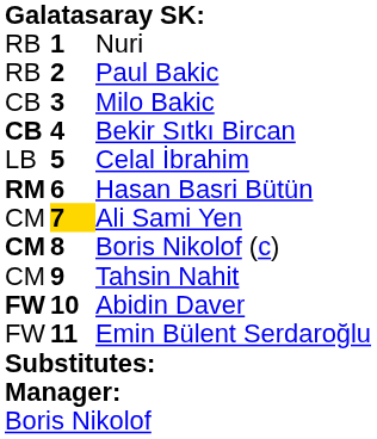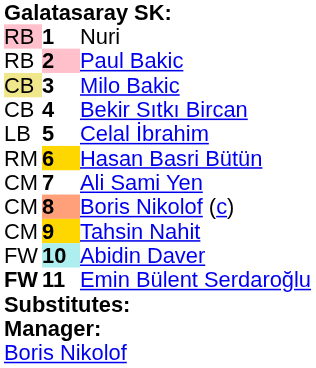 <table style="font-size: 90%" cellspacing="0" cellpadding="0">
 <tr>
 <td colspan="4"><strong>Galatasaray SK:</strong></td>
 </tr>
 <tr>
 <th width="25"></th>
 <th width="25"></th>
 </tr>
 <tr>
-<td>RB</td>
+<td style="background: pink;">RB</td>
 <td><strong>1</strong></td>
 <td> Nuri</td>
 </tr>
 <tr>
 <td>RB</td>
-<td><strong>2</strong></td>
+<td style="background: pink;"><strong>2</strong></td>
 <td> <a href='#'>Paul Bakic</a></td>
 </tr>
 <tr>
-<td>CB</td>
+<td style="background: khaki;">CB</td>
 <td><strong>3</strong></td>
 <td> <a href='#'>Milo Bakic</a></td>
 </tr>
 <tr>
-<td><strong>CB</strong></td>
+<td>CB</td>
 <td><strong>4</strong></td>
 <td> <a href='#'>Bekir Sıtkı Bircan</a></td>
 </tr>
 <tr>
 <td>LB</td>
 <td><strong>5</strong></td>
 <td> <a href='#'>Celal İbrahim</a></td>
 </tr>
 <tr>
-<td><strong>RM</strong></td>
-<td><strong>6</strong></td>
+<td>RM</td>
+<td style="background: gold;"><strong>6</strong></td>
 <td> <a href='#'>Hasan Basri Bütün</a></td>
 </tr>
 <tr>
 <td>CM</td>
-<td style="background: gold;"><strong>7</strong></td>
+<td><strong>7</strong></td>
 <td> <a href='#'>Ali Sami Yen</a></td>
 </tr>
 <tr>
-<td><strong>CM</strong></td>
-<td><strong>8</strong></td>
+<td>CM</td>
+<td style="background: lightsalmon;"><strong>8</strong></td>
 <td> <a href='#'>Boris Nikolof</a> (<a href='#'>c</a>)</td>
 </tr>
 <tr>
 <td>CM</td>
-<td><strong>9</strong></td>
+<td style="background: gold;"><strong>9</strong></td>
 <td> <a href='#'>Tahsin Nahit</a></td>
 </tr>
 <tr>
-<td><strong>FW</strong></td>
-<td><strong>10</strong></td>
+<td>FW</td>
+<td style="background: paleturquoise;"><strong>10</strong></td>
 <td> <a href='#'>Abidin Daver</a></td>
 </tr>
 <tr>
-<td>FW</td>
+<td><strong>FW</strong></td>
 <td><strong>11</strong></td>
 <td> <a href='#'>Emin Bülent Serdaroğlu</a></td>
 </tr>
 <tr>
 <td colspan=4><strong>Substitutes:</strong></td>
 </tr>
 <tr>
 <td colspan=4><strong>Manager:</strong></td>
 </tr>
 <tr>
 <td colspan="4"> <a href='#'>Boris Nikolof</a></td>
 </tr>
 </table>
